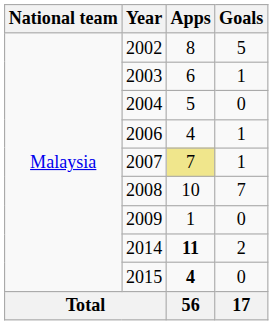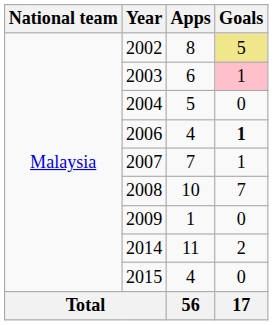 <table class="wikitable" style="text-align:center">
 <tr>
 <th>National team</th>
 <th>Year</th>
 <th>Apps</th>
 <th>Goals</th>
 </tr>
 <tr>
 <td rowspan="9"><a href='#'>Malaysia</a></td>
 <td>2002</td>
 <td>8</td>
-<td>5</td>
+<td style="background: khaki;">5</td>
 </tr>
 <tr>
 <td>2003</td>
 <td>6</td>
-<td>1</td>
+<td style="background: pink;">1</td>
 </tr>
 <tr>
 <td>2004</td>
 <td>5</td>
 <td>0</td>
 </tr>
 <tr>
 <td>2006</td>
 <td>4</td>
-<td>1</td>
+<td><strong>1</strong></td>
 </tr>
 <tr>
 <td>2007</td>
-<td style="background: khaki;">7</td>
+<td>7</td>
 <td>1</td>
 </tr>
 <tr>
 <td>2008</td>
 <td>10</td>
 <td>7</td>
 </tr>
 <tr>
 <td>2009</td>
 <td>1</td>
 <td>0</td>
 </tr>
 <tr>
 <td>2014</td>
-<td><strong>11</strong></td>
+<td>11</td>
 <td>2</td>
 </tr>
 <tr>
 <td>2015</td>
-<td><strong>4</strong></td>
+<td>4</td>
 <td>0</td>
 </tr>
 <tr>
 <th colspan="2">Total</th>
 <th>56</th>
 <th>17</th>
 </tr>
 </table>
